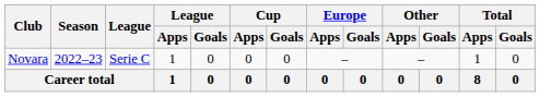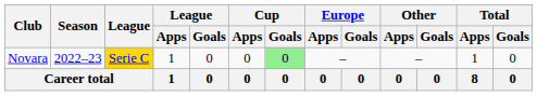 <table class="wikitable" style="text-align:center">
 <tr>
 <th rowspan="2">Club</th>
 <th rowspan="2">Season</th>
 <th rowspan="2">League</th>
 <th colspan="2">League</th>
 <th colspan="2">Cup</th>
 <th colspan="2"><a href='#'>Europe</a></th>
 <th colspan="2">Other</th>
 <th colspan="2">Total</th>
 </tr>
 <tr>
 <th>Apps</th>
 <th>Goals</th>
 <th>Apps</th>
 <th>Goals</th>
 <th>Apps</th>
 <th>Goals</th>
 <th>Apps</th>
 <th>Goals</th>
 <th>Apps</th>
 <th>Goals</th>
 </tr>
 <tr>
 <td><a href='#'>Novara</a></td>
 <td><a href='#'>2022–23</a></td>
-<td><a href='#'>Serie C</a></td>
+<td style="background: gold;"><a href='#'>Serie C</a></td>
 <td>1</td>
 <td>0</td>
 <td>0</td>
-<td>0</td>
+<td style="background: lightgreen;">0</td>
 <td colspan="2">–</td>
 <td colspan="2">–</td>
 <td>1</td>
 <td>0</td>
 </tr>
 <tr>
 <th colspan="3">Career total</th>
 <th>1</th>
 <th>0</th>
 <th>0</th>
 <th>0</th>
 <th>0</th>
 <th>0</th>
 <th>0</th>
 <th>0</th>
 <th>8</th>
 <th>0</th>
 </tr>
 </table>
